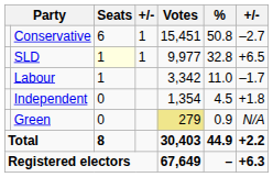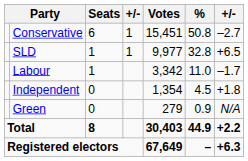 <table class="wikitable sortable">
 <tr>
 <th colspan="2">Party</th>
 <th>Seats</th>
 <th>+/-</th>
 <th>Votes</th>
 <th>%</th>
 <th>+/-</th>
 </tr>
 <tr>
 <td style="background-color: "></td>
 <td><a href='#'>Conservative</a></td>
 <td>6</td>
 <td> 1</td>
 <td style="text-align:right;">15,451</td>
 <td style="text-align:right;">50.8</td>
 <td style="text-align:right;">–2.7</td>
 </tr>
 <tr>
 <td style="background-color: "></td>
 <td><a href='#'>SLD</a></td>
-<td style="background: lightyellow;">1</td>
+<td>1</td>
 <td> 1</td>
 <td style="text-align:right;">9,977</td>
 <td style="text-align:right;">32.8</td>
 <td style="text-align:right;">+6.5</td>
 </tr>
 <tr>
 <td style="background-color: "></td>
 <td><a href='#'>Labour</a></td>
 <td>1</td>
 <td></td>
 <td style="text-align:right;">3,342</td>
 <td style="text-align:right;">11.0</td>
 <td style="text-align:right;">–1.7</td>
 </tr>
 <tr>
 <td style="background-color: "></td>
 <td><a href='#'>Independent</a></td>
 <td>0</td>
 <td></td>
 <td style="text-align:right;">1,354</td>
 <td style="text-align:right;">4.5</td>
 <td style="text-align:right;">+1.8</td>
 </tr>
 <tr>
 <td style="background-color: "></td>
 <td><a href='#'>Green</a></td>
 <td>0</td>
 <td></td>
-<td style="background: khaki; text-align:right;">279</td>
+<td style="text-align:right;">279</td>
 <td style="text-align:right;">0.9</td>
 <td style="text-align:right;"><em>N/A</em></td>
 </tr>
 <tr>
 <td colspan="2"><strong>Total</strong></td>
 <td><strong>8</strong></td>
 <td></td>
 <td style="text-align:right;"><strong>30,403</strong></td>
 <td style="text-align:right;"><strong>44.9</strong></td>
 <td style="text-align:right;"><strong>+2.2</strong></td>
 </tr>
 <tr>
 <td colspan="4"><strong>Registered electors</strong></td>
 <td style="text-align:right;"><strong>67,649</strong></td>
 <td style="text-align:right;"><strong>–</strong></td>
 <td style="text-align:right;"><strong>+6.3</strong></td>
 </tr>
 </table>
